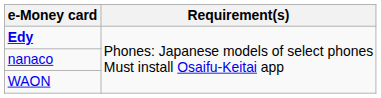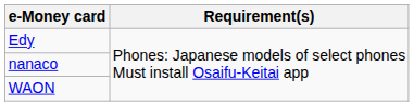 <table class="wikitable">
 <tr>
 <th>e-Money card</th>
 <th>Requirement(s)</th>
 </tr>
 <tr>
-<td><strong><a href='#'>Edy</a></strong></td>
+<td><a href='#'>Edy</a></td>
 <td rowspan="3">Phones: Japanese models of select phones<br>Must install <a href='#'>Osaifu-Keitai</a> app</td>
 </tr>
 <tr>
 <td><a href='#'>nanaco</a></td>
 </tr>
 <tr>
 <td><a href='#'>WAON</a></td>
 </tr>
 </table>
